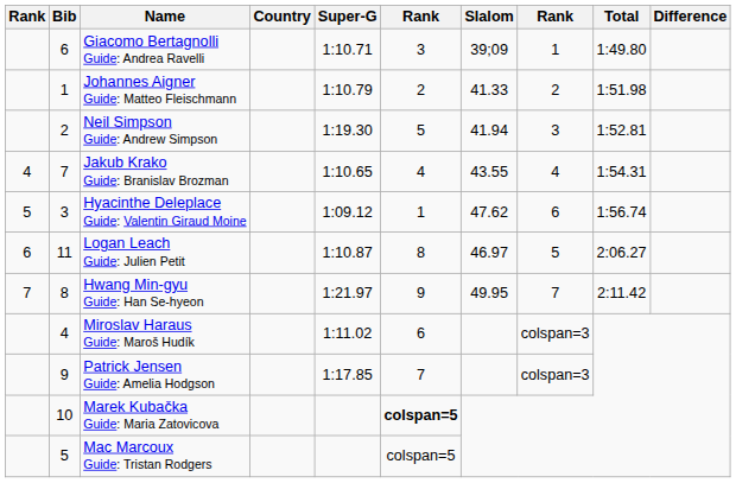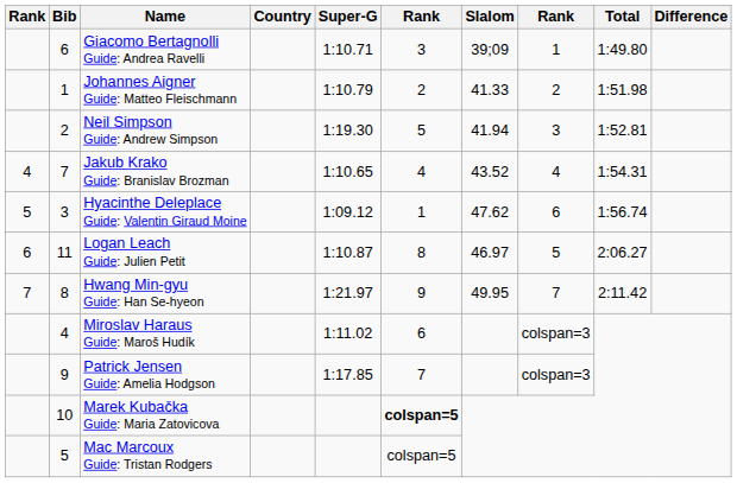 <table class="wikitable sortable" style="text-align:center">
 <tr>
 <th>Rank</th>
 <th>Bib</th>
 <th>Name</th>
 <th>Country</th>
 <th>Super-G</th>
 <th>Rank</th>
 <th>Slalom</th>
 <th>Rank</th>
 <th>Total</th>
 <th>Difference</th>
 </tr>
 <tr>
 <td></td>
 <td>6</td>
 <td align="left"><a href='#'>Giacomo Bertagnolli</a><br><small><a href='#'>Guide</a>: Andrea Ravelli</small></td>
 <td align="left"></td>
 <td>1:10.71</td>
 <td>3</td>
 <td>39;09</td>
 <td>1</td>
 <td>1:49.80</td>
 <td></td>
 </tr>
 <tr>
 <td></td>
 <td>1</td>
 <td align="left"><a href='#'>Johannes Aigner</a><br><small><a href='#'>Guide</a>: Matteo Fleischmann</small></td>
 <td align="left"></td>
 <td>1:10.79</td>
 <td>2</td>
 <td>41.33</td>
 <td>2</td>
 <td>1:51.98</td>
 <td></td>
 </tr>
 <tr>
 <td></td>
 <td>2</td>
 <td align="left"><a href='#'>Neil Simpson</a><br><small><a href='#'>Guide</a>: Andrew Simpson</small></td>
 <td align="left"></td>
 <td>1:19.30</td>
 <td>5</td>
 <td>41.94</td>
 <td>3</td>
 <td>1:52.81</td>
 <td></td>
 </tr>
 <tr>
 <td>4</td>
 <td>7</td>
 <td align="left"><a href='#'>Jakub Krako</a><br><small><a href='#'>Guide</a>: Branislav Brozman</small></td>
 <td align="left"></td>
 <td>1:10.65</td>
 <td>4</td>
-<td>43.55</td>
+<td>43.52</td>
 <td>4</td>
 <td>1:54.31</td>
 <td></td>
 </tr>
 <tr>
 <td>5</td>
 <td>3</td>
 <td align="left"><a href='#'>Hyacinthe Deleplace</a><br><small><a href='#'>Guide</a>: <a href='#'>Valentin Giraud Moine</a></small></td>
 <td align="left"></td>
 <td>1:09.12</td>
 <td>1</td>
 <td>47.62</td>
 <td>6</td>
 <td>1:56.74</td>
 <td></td>
 </tr>
 <tr>
 <td>6</td>
 <td>11</td>
 <td align="left"><a href='#'>Logan Leach</a><br><small><a href='#'>Guide</a>: Julien Petit</small></td>
 <td align="left"></td>
 <td>1:10.87</td>
 <td>8</td>
 <td>46.97</td>
 <td>5</td>
 <td>2:06.27</td>
 <td></td>
 </tr>
 <tr>
 <td>7</td>
 <td>8</td>
 <td align="left"><a href='#'>Hwang Min-gyu</a><br><small><a href='#'>Guide</a>: Han Se-hyeon</small></td>
 <td align="left"></td>
 <td>1:21.97</td>
 <td>9</td>
 <td>49.95</td>
 <td>7</td>
 <td>2:11.42</td>
 <td></td>
 </tr>
 <tr>
 <td></td>
 <td>4</td>
 <td align="left"><a href='#'>Miroslav Haraus</a><br><small><a href='#'>Guide</a>: Maroš Hudík</small></td>
 <td align="left"></td>
 <td>1:11.02</td>
 <td>6</td>
 <td></td>
 <td>colspan=3 </td>
 </tr>
 <tr>
 <td></td>
 <td>9</td>
 <td align="left"><a href='#'>Patrick Jensen</a><br><small><a href='#'>Guide</a>: Amelia Hodgson</small></td>
 <td align="left"></td>
 <td>1:17.85</td>
 <td>7</td>
 <td></td>
 <td>colspan=3 </td>
 </tr>
 <tr>
 <td></td>
 <td>10</td>
 <td align="left"><a href='#'>Marek Kubačka</a><br><small><a href='#'>Guide</a>: Maria Zatovicova</small></td>
 <td align="left"></td>
 <td></td>
 <td><strong>colspan=5 </strong></td>
 </tr>
 <tr>
 <td></td>
 <td>5</td>
 <td align="left"><a href='#'>Mac Marcoux</a><br><small><a href='#'>Guide</a>: Tristan Rodgers</small></td>
 <td align="left"></td>
 <td></td>
 <td>colspan=5 </td>
 </tr>
 </table>
